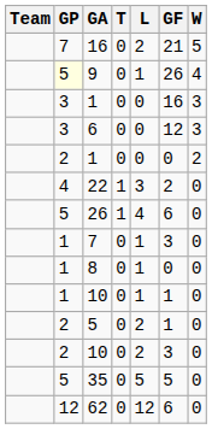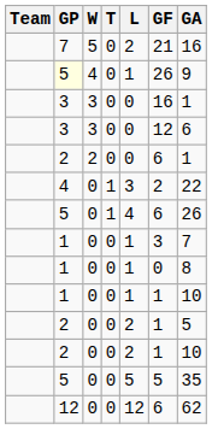 <table class="wikitable">
 <tr>
 <th>Team</th>
 <th>GP</th>
-<th>GA</th>
+<th>W</th>
 <th>T</th>
 <th>L</th>
 <th>GF</th>
-<th>W</th>
+<th>GA</th>
 </tr>
 <tr>
 <td></td>
 <td>7</td>
-<td>16</td>
+<td>5</td>
 <td>0</td>
 <td>2</td>
 <td>21</td>
+<td>16</td>
+</tr>
+<tr>
+<td></td>
+<td style="background: lightyellow;">5</td>
+<td>4</td>
+<td>0</td>
+<td>1</td>
+<td>26</td>
+<td>9</td>
+</tr>
+<tr>
+<td></td>
+<td>3</td>
+<td>3</td>
+<td>0</td>
+<td>0</td>
+<td>16</td>
+<td>1</td>
+</tr>
+<tr>
+<td></td>
+<td>3</td>
+<td>3</td>
+<td>0</td>
+<td>0</td>
+<td>12</td>
+<td>6</td>
+</tr>
+<tr>
+<td></td>
+<td>2</td>
+<td>2</td>
+<td>0</td>
+<td>0</td>
+<td>6</td>
+<td>1</td>
+</tr>
+<tr>
+<td></td>
+<td>4</td>
+<td>0</td>
+<td>1</td>
+<td>3</td>
+<td>2</td>
+<td>22</td>
+</tr>
+<tr>
+<td></td>
+<td>5</td>
+<td>0</td>
+<td>1</td>
+<td>4</td>
+<td>6</td>
+<td>26</td>
+</tr>
+<tr>
+<td></td>
+<td>1</td>
+<td>0</td>
+<td>0</td>
+<td>1</td>
+<td>3</td>
+<td>7</td>
+</tr>
+<tr>
+<td></td>
+<td>1</td>
+<td>0</td>
+<td>0</td>
+<td>1</td>
+<td>0</td>
+<td>8</td>
+</tr>
+<tr>
+<td></td>
+<td>1</td>
+<td>0</td>
+<td>0</td>
+<td>1</td>
+<td>1</td>
+<td>10</td>
+</tr>
+<tr>
+<td></td>
+<td>2</td>
+<td>0</td>
+<td>0</td>
+<td>2</td>
+<td>1</td>
 <td>5</td>
 </tr>
 <tr>
 <td></td>
-<td style="background: lightyellow;">5</td>
-<td>9</td>
-<td>0</td>
-<td>1</td>
-<td>26</td>
-<td>4</td>
-</tr>
-<tr>
-<td></td>
-<td>3</td>
-<td>1</td>
-<td>0</td>
-<td>0</td>
-<td>16</td>
-<td>3</td>
-</tr>
-<tr>
-<td></td>
-<td>3</td>
-<td>6</td>
-<td>0</td>
-<td>0</td>
-<td>12</td>
-<td>3</td>
-</tr>
-<tr>
-<td></td>
 <td>2</td>
-<td>1</td>
-<td>0</td>
 <td>0</td>
 <td>0</td>
 <td>2</td>
-</tr>
-<tr>
-<td></td>
-<td>4</td>
-<td>22</td>
 <td>1</td>
-<td>3</td>
-<td>2</td>
-<td>0</td>
+<td>10</td>
 </tr>
 <tr>
 <td></td>
 <td>5</td>
-<td>26</td>
-<td>1</td>
-<td>4</td>
-<td>6</td>
 <td>0</td>
-</tr>
-<tr>
-<td></td>
-<td>1</td>
-<td>7</td>
-<td>0</td>
-<td>1</td>
-<td>3</td>
-<td>0</td>
-</tr>
-<tr>
-<td></td>
-<td>1</td>
-<td>8</td>
-<td>0</td>
-<td>1</td>
-<td>0</td>
-<td>0</td>
-</tr>
-<tr>
-<td></td>
-<td>1</td>
-<td>10</td>
-<td>0</td>
-<td>1</td>
-<td>1</td>
-<td>0</td>
-</tr>
-<tr>
-<td></td>
-<td>2</td>
-<td>5</td>
-<td>0</td>
-<td>2</td>
-<td>1</td>
-<td>0</td>
-</tr>
-<tr>
-<td></td>
-<td>2</td>
-<td>10</td>
-<td>0</td>
-<td>2</td>
-<td>3</td>
-<td>0</td>
-</tr>
-<tr>
-<td></td>
-<td>5</td>
-<td>35</td>
 <td>0</td>
 <td>5</td>
 <td>5</td>
-<td>0</td>
+<td>35</td>
 </tr>
 <tr>
 <td></td>
 <td>12</td>
-<td>62</td>
+<td>0</td>
 <td>0</td>
 <td>12</td>
 <td>6</td>
-<td>0</td>
+<td>62</td>
 </tr>
 </table>
